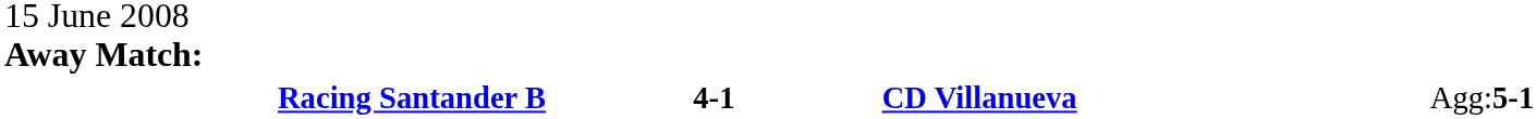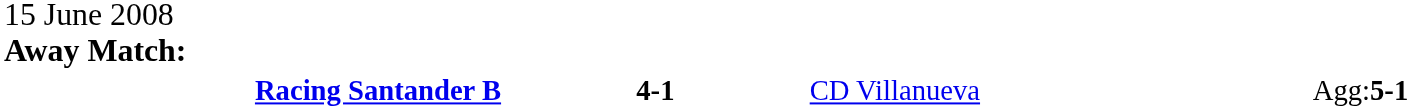 <table width=100% cellspacing=1>
 <tr>
 <th width=20%></th>
 <th width=12%></th>
 <th width=20%></th>
 <th></th>
 </tr>
 <tr>
 <td>15 June 2008<br><strong>Away Match:</strong></td>
 </tr>
 <tr style=font-size:90%>
 <td align=right><strong><a href='#'>Racing Santander B</a></strong></td>
 <td align=center><strong>4-1</strong></td>
-<td><strong><a href='#'>CD Villanueva</a></strong></td>
+<td><a href='#'>CD Villanueva</a></td>
 <td>Agg:<strong>5-1</strong></td>
 </tr>
 </table>
